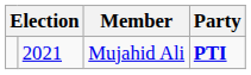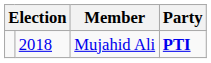 <table class="wikitable">
 <tr>
 <th colspan="2">Election</th>
 <th>Member</th>
 <th>Party</th>
 </tr>
 <tr>
 <td style="background-color: "></td>
-<td><a href='#'>2021</a></td>
+<td><a href='#'>2018</a></td>
 <td><a href='#'>Mujahid Ali</a></td>
 <td><strong><a href='#'>PTI</a></strong></td>
 </tr>
 </table>
